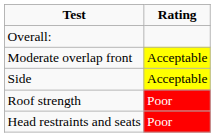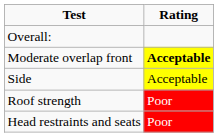 <table class="wikitable">
 <tr>
 <td style="text-align:center;"><strong>Test</strong></td>
 <td style="text-align:center;"><strong>Rating</strong></td>
 </tr>
 <tr>
 <td>Overall:</td>
 <td style="text-align:center;"></td>
 </tr>
 <tr>
 <td>Moderate overlap front</td>
-<td style="background: yellow">Acceptable</td>
+<td style="background: yellow"><strong>Acceptable</strong></td>
 </tr>
 <tr>
 <td>Side</td>
 <td style="background: yellow">Acceptable</td>
 </tr>
 <tr>
 <td>Roof strength</td>
 <td style="color:white;background: red">Poor</td>
 </tr>
 <tr>
 <td>Head restraints and seats</td>
 <td style="color:white;background: red">Poor</td>
 </tr>
 </table>
